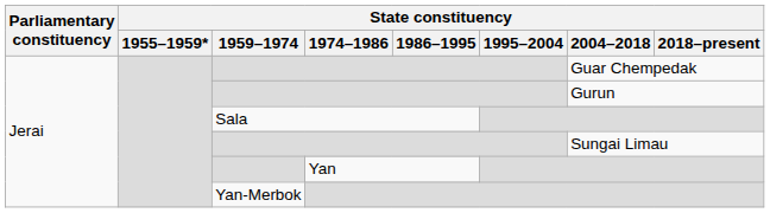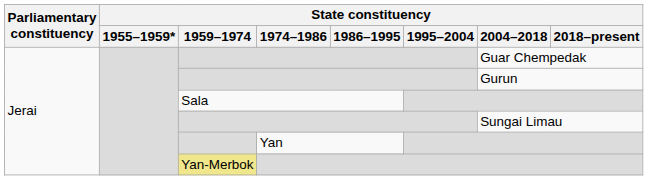 <table class="wikitable">
 <tr>
 <th rowspan="2">Parliamentary<br>constituency</th>
 <th colspan="7">State constituency</th>
 </tr>
 <tr>
 <th>1955–1959*</th>
 <th>1959–1974</th>
 <th>1974–1986</th>
 <th>1986–1995</th>
 <th>1995–2004</th>
 <th>2004–2018</th>
 <th>2018–present</th>
 </tr>
 <tr>
 <td rowspan="6">Jerai</td>
 <td rowspan="6" bgcolor="dcdcdc"></td>
 <td colspan="4" bgcolor="dcdcdc"></td>
 <td colspan="2">Guar Chempedak</td>
 </tr>
 <tr>
 <td colspan="4" bgcolor="dcdcdc"></td>
 <td colspan="2">Gurun</td>
 </tr>
 <tr>
 <td colspan="3">Sala</td>
 <td colspan="3" bgcolor="dcdcdc"></td>
 </tr>
 <tr>
 <td colspan="4" bgcolor="dcdcdc"></td>
 <td colspan="2">Sungai Limau</td>
 </tr>
 <tr>
 <td bgcolor="dcdcdc"></td>
 <td colspan="2">Yan</td>
 <td colspan="3" bgcolor="dcdcdc"></td>
 </tr>
 <tr>
-<td>Yan-Merbok</td>
+<td style="background: khaki;">Yan-Merbok</td>
 <td colspan="5" bgcolor="dcdcdc"></td>
 </tr>
 </table>
